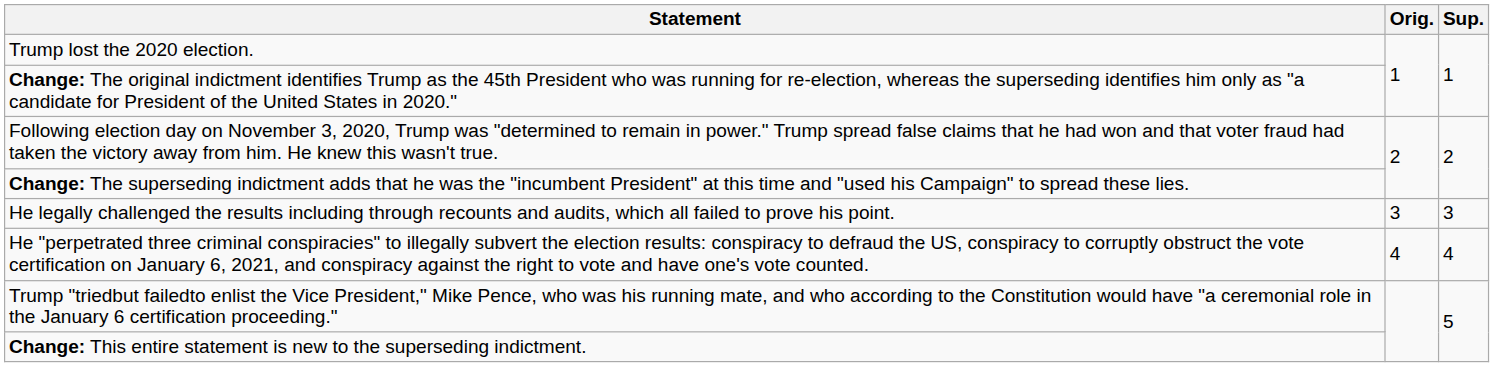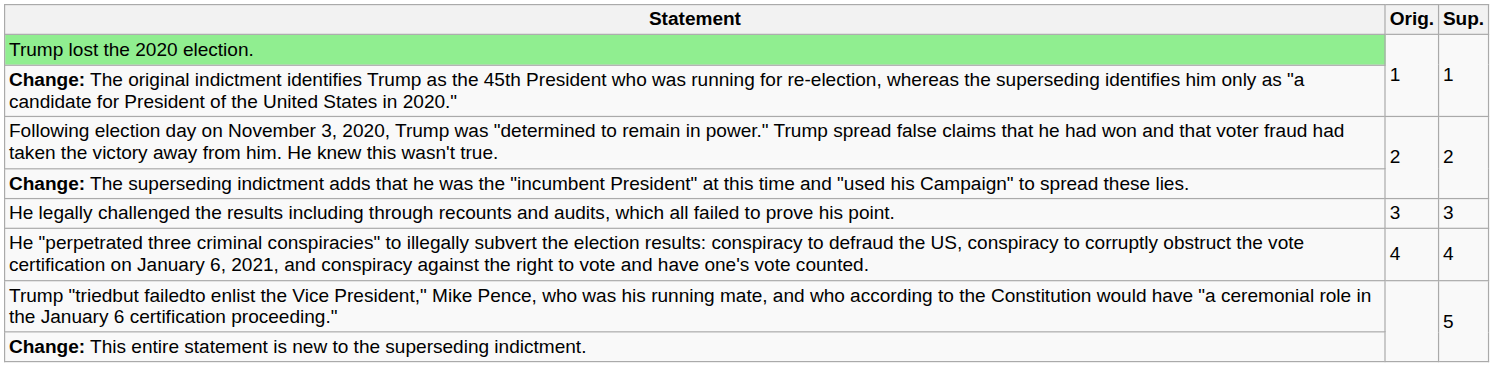 <table class="wikitable">
 <tr>
 <th>Statement</th>
 <th>Orig.</th>
 <th>Sup.</th>
 </tr>
 <tr>
-<td>Trump lost the 2020 election.</td>
+<td style="background: lightgreen;">Trump lost the 2020 election.</td>
 <td rowspan="2">1</td>
 <td rowspan="2">1</td>
 </tr>
 <tr>
 <td><strong>Change:</strong> The original indictment identifies Trump as the 45th President who was running for re-election, whereas the superseding identifies him only as "a candidate for President of the United States in 2020."</td>
 </tr>
 <tr>
 <td>Following election day on November 3, 2020, Trump was "determined to remain in power." Trump spread false claims that he had won and that voter fraud had taken the victory away from him. He knew this wasn't true.</td>
 <td rowspan="2">2</td>
 <td rowspan="2">2</td>
 </tr>
 <tr>
 <td><strong>Change:</strong> The superseding indictment adds that he was the "incumbent President" at this time and "used his Campaign" to spread these lies.</td>
 </tr>
 <tr>
 <td>He legally challenged the results including through recounts and audits, which all failed to prove his point.</td>
 <td>3</td>
 <td>3</td>
 </tr>
 <tr>
 <td>He "perpetrated three criminal conspiracies" to illegally subvert the election results: conspiracy to defraud the US, conspiracy to corruptly obstruct the vote certification on January 6, 2021, and conspiracy against the right to vote and have one's vote counted.</td>
 <td>4</td>
 <td>4</td>
 </tr>
 <tr>
 <td>Trump "triedbut failedto enlist the Vice President," Mike Pence, who was his running mate, and who according to the Constitution would have "a ceremonial role in the January 6 certification proceeding."</td>
 <td rowspan="2"></td>
 <td rowspan="2">5</td>
 </tr>
 <tr>
 <td><strong>Change:</strong> This entire statement is new to the superseding indictment.</td>
 </tr>
 </table>
